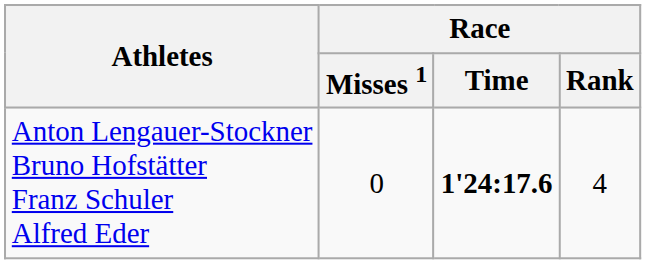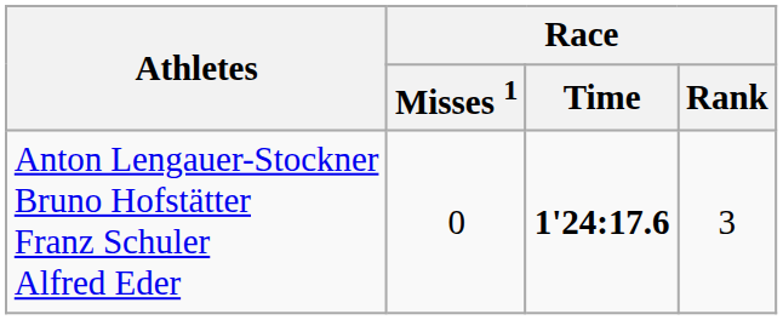 <table class="wikitable" border="1" style="font-size:90%">
 <tr>
 <th rowspan=2>Athletes</th>
 <th colspan=3>Race</th>
 </tr>
 <tr>
 <th>Misses <sup>1</sup></th>
 <th>Time</th>
 <th>Rank</th>
 </tr>
 <tr>
 <td><a href='#'>Anton Lengauer-Stockner</a><br><a href='#'>Bruno Hofstätter</a><br><a href='#'>Franz Schuler</a><br><a href='#'>Alfred Eder</a></td>
 <td align=center>0</td>
 <td align=center><strong>1'24:17.6</strong></td>
-<td align=center>4</td>
+<td align=center>3</td>
 </tr>
 </table>
